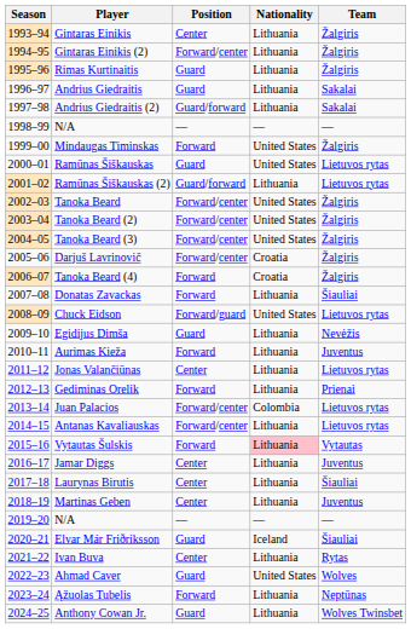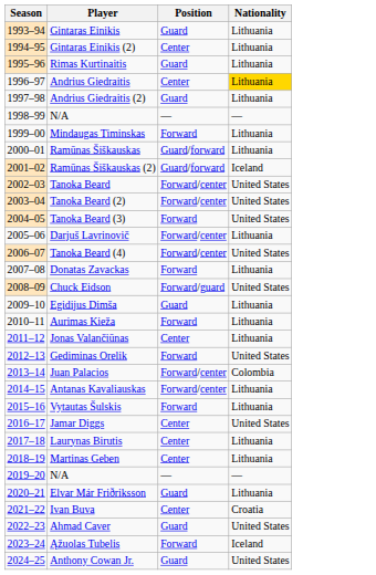 <table class="wikitable plainrowheaders sortable" summary="Season (sortable), Player (sortable), Position (sortable), Nationality (sortable) and Team (sortable)">
 <tr>
 <th scope="col">Season</th>
 <th scope="col">Player</th>
 <th scope="col">Position</th>
 <th scope="col">Nationality</th>
-<th scope="col">Team</th>
 </tr>
 <tr>
 <td style="background-color:#FFE6BD">1993–94</td>
 <td><a href='#'>Gintaras Einikis</a></td>
-<td><a href='#'>Center</a></td>
+<td><a href='#'>Guard</a></td>
 <td> Lithuania</td>
-<td><a href='#'>Žalgiris</a></td>
 </tr>
 <tr>
 <td style="background-color:#FFE6BD">1994–95</td>
 <td><a href='#'>Gintaras Einikis</a> (2)</td>
-<td><a href='#'>Forward</a>/<a href='#'>center</a></td>
+<td><a href='#'>Center</a></td>
 <td> Lithuania</td>
-<td><a href='#'>Žalgiris</a></td>
 </tr>
 <tr>
 <td style="background-color:#FFE6BD">1995–96</td>
 <td><a href='#'>Rimas Kurtinaitis</a></td>
 <td><a href='#'>Guard</a></td>
 <td> Lithuania</td>
-<td><a href='#'>Žalgiris</a></td>
 </tr>
 <tr>
 <td>1996–97</td>
 <td><a href='#'>Andrius Giedraitis</a></td>
-<td><a href='#'>Guard</a></td>
-<td> Lithuania</td>
-<td><a href='#'>Sakalai</a></td>
+<td><a href='#'>Center</a></td>
+<td style="background: gold;"> Lithuania</td>
 </tr>
 <tr>
 <td>1997–98</td>
 <td><a href='#'>Andrius Giedraitis</a> (2)</td>
-<td><a href='#'>Guard</a>/<a href='#'>forward</a></td>
+<td><a href='#'>Guard</a></td>
 <td> Lithuania</td>
-<td><a href='#'>Sakalai</a></td>
 </tr>
 <tr>
 <td>1998–99</td>
 <td>N/A</td>
-<td>—</td>
 <td>—</td>
 <td>—</td>
 </tr>
 <tr>
 <td>1999–00</td>
 <td><a href='#'>Mindaugas Timinskas</a></td>
 <td><a href='#'>Forward</a></td>
-<td> United States</td>
-<td><a href='#'>Žalgiris</a></td>
+<td> Lithuania</td>
 </tr>
 <tr>
 <td>2000–01</td>
 <td><a href='#'>Ramūnas Šiškauskas</a></td>
-<td><a href='#'>Guard</a></td>
-<td> United States</td>
-<td><a href='#'>Lietuvos rytas</a></td>
+<td><a href='#'>Guard</a>/<a href='#'>forward</a></td>
+<td> Lithuania</td>
 </tr>
 <tr>
 <td style="background-color:#FFE6BD">2001–02</td>
 <td><a href='#'>Ramūnas Šiškauskas</a> (2)</td>
 <td><a href='#'>Guard</a>/<a href='#'>forward</a></td>
-<td> Lithuania</td>
-<td><a href='#'>Lietuvos rytas</a></td>
+<td> Iceland</td>
 </tr>
 <tr>
 <td style="background-color:#FFE6BD">2002–03</td>
 <td><a href='#'>Tanoka Beard</a></td>
 <td><a href='#'>Forward</a>/<a href='#'>center</a></td>
 <td> United States</td>
-<td><a href='#'>Žalgiris</a></td>
 </tr>
 <tr>
 <td style="background-color:#FFE6BD">2003–04</td>
 <td><a href='#'>Tanoka Beard</a> (2)</td>
 <td><a href='#'>Forward</a>/<a href='#'>center</a></td>
 <td> United States</td>
-<td><a href='#'>Žalgiris</a></td>
 </tr>
 <tr>
 <td style="background-color:#FFE6BD">2004–05</td>
 <td><a href='#'>Tanoka Beard</a> (3)</td>
-<td><a href='#'>Forward</a>/<a href='#'>center</a></td>
+<td><a href='#'>Forward</a></td>
 <td> United States</td>
-<td><a href='#'>Žalgiris</a></td>
 </tr>
 <tr>
 <td>2005–06</td>
 <td><a href='#'>Darjuš Lavrinovič</a></td>
 <td><a href='#'>Forward</a>/<a href='#'>center</a></td>
-<td> Croatia</td>
-<td><a href='#'>Žalgiris</a></td>
+<td> Lithuania</td>
 </tr>
 <tr>
 <td style="background-color:#FFE6BD">2006–07</td>
 <td><a href='#'>Tanoka Beard</a> (4)</td>
-<td><a href='#'>Forward</a></td>
-<td> Croatia</td>
-<td><a href='#'>Žalgiris</a></td>
+<td><a href='#'>Forward</a>/<a href='#'>center</a></td>
+<td> United States</td>
 </tr>
 <tr>
 <td>2007–08</td>
 <td><a href='#'>Donatas Zavackas</a></td>
 <td><a href='#'>Forward</a></td>
 <td> Lithuania</td>
-<td><a href='#'>Šiauliai</a></td>
 </tr>
 <tr>
 <td style="background-color:#FFE6BD">2008–09</td>
 <td><a href='#'>Chuck Eidson</a></td>
 <td><a href='#'>Forward</a>/<a href='#'>guard</a></td>
 <td> United States</td>
-<td><a href='#'>Lietuvos rytas</a></td>
 </tr>
 <tr>
 <td>2009–10</td>
 <td><a href='#'>Egidijus Dimša</a></td>
 <td><a href='#'>Guard</a></td>
 <td> Lithuania</td>
-<td><a href='#'>Nevėžis</a></td>
 </tr>
 <tr>
 <td>2010–11</td>
 <td><a href='#'>Aurimas Kieža</a></td>
 <td><a href='#'>Forward</a></td>
 <td> Lithuania</td>
-<td><a href='#'>Juventus</a></td>
 </tr>
 <tr>
 <td><a href='#'>2011–12</a></td>
 <td><a href='#'>Jonas Valančiūnas</a></td>
 <td><a href='#'>Center</a></td>
 <td> Lithuania</td>
-<td><a href='#'>Lietuvos rytas</a></td>
 </tr>
 <tr>
 <td><a href='#'>2012–13</a></td>
 <td><a href='#'>Gediminas Orelik</a></td>
 <td><a href='#'>Forward</a></td>
-<td> Lithuania</td>
-<td><a href='#'>Prienai</a></td>
+<td> United States</td>
 </tr>
 <tr>
 <td><a href='#'>2013–14</a></td>
 <td><a href='#'>Juan Palacios</a></td>
 <td><a href='#'>Forward</a>/<a href='#'>center</a></td>
 <td> Colombia</td>
-<td><a href='#'>Lietuvos rytas</a></td>
 </tr>
 <tr>
 <td><a href='#'>2014–15</a></td>
 <td><a href='#'>Antanas Kavaliauskas</a></td>
 <td><a href='#'>Forward</a>/<a href='#'>center</a></td>
 <td> Lithuania</td>
-<td><a href='#'>Lietuvos rytas</a></td>
 </tr>
 <tr>
 <td><a href='#'>2015–16</a></td>
 <td><a href='#'>Vytautas Šulskis</a></td>
 <td><a href='#'>Forward</a></td>
-<td style="background: pink;"> Lithuania</td>
-<td><a href='#'>Vytautas</a></td>
+<td> Lithuania</td>
 </tr>
 <tr>
 <td><a href='#'>2016–17</a></td>
 <td><a href='#'>Jamar Diggs</a></td>
 <td><a href='#'>Center</a></td>
-<td> Lithuania</td>
-<td><a href='#'>Juventus</a></td>
+<td> United States</td>
 </tr>
 <tr>
 <td><a href='#'>2017–18</a></td>
 <td><a href='#'>Laurynas Birutis</a></td>
 <td><a href='#'>Center</a></td>
 <td> Lithuania</td>
-<td><a href='#'>Šiauliai</a></td>
 </tr>
 <tr>
 <td><a href='#'>2018–19</a></td>
 <td><a href='#'>Martinas Geben</a></td>
 <td><a href='#'>Center</a></td>
 <td> Lithuania</td>
-<td><a href='#'>Juventus</a></td>
 </tr>
 <tr>
 <td><a href='#'>2019–20</a></td>
 <td>N/A</td>
-<td>—</td>
 <td>—</td>
 <td>—</td>
 </tr>
 <tr>
 <td><a href='#'>2020–21</a></td>
 <td><a href='#'>Elvar Már Friðriksson</a></td>
 <td><a href='#'>Guard</a></td>
-<td> Iceland</td>
-<td><a href='#'>Šiauliai</a></td>
+<td> Lithuania</td>
 </tr>
 <tr>
 <td><a href='#'>2021–22</a></td>
 <td><a href='#'>Ivan Buva</a></td>
 <td><a href='#'>Center</a></td>
-<td> Lithuania</td>
-<td><a href='#'>Rytas</a></td>
+<td> Croatia</td>
 </tr>
 <tr>
 <td><a href='#'>2022–23</a></td>
 <td><a href='#'>Ahmad Caver</a></td>
 <td><a href='#'>Guard</a></td>
 <td> United States</td>
-<td><a href='#'>Wolves</a></td>
 </tr>
 <tr>
 <td><a href='#'>2023–24</a></td>
 <td><a href='#'>Ąžuolas Tubelis</a></td>
 <td><a href='#'>Forward</a></td>
-<td> Lithuania</td>
-<td><a href='#'>Neptūnas</a></td>
+<td> Iceland</td>
 </tr>
 <tr>
 <td><a href='#'>2024–25</a></td>
 <td><a href='#'>Anthony Cowan Jr.</a></td>
 <td><a href='#'>Guard</a></td>
-<td> Lithuania</td>
-<td><a href='#'>Wolves Twinsbet</a></td>
+<td> United States</td>
 </tr>
 </table>
